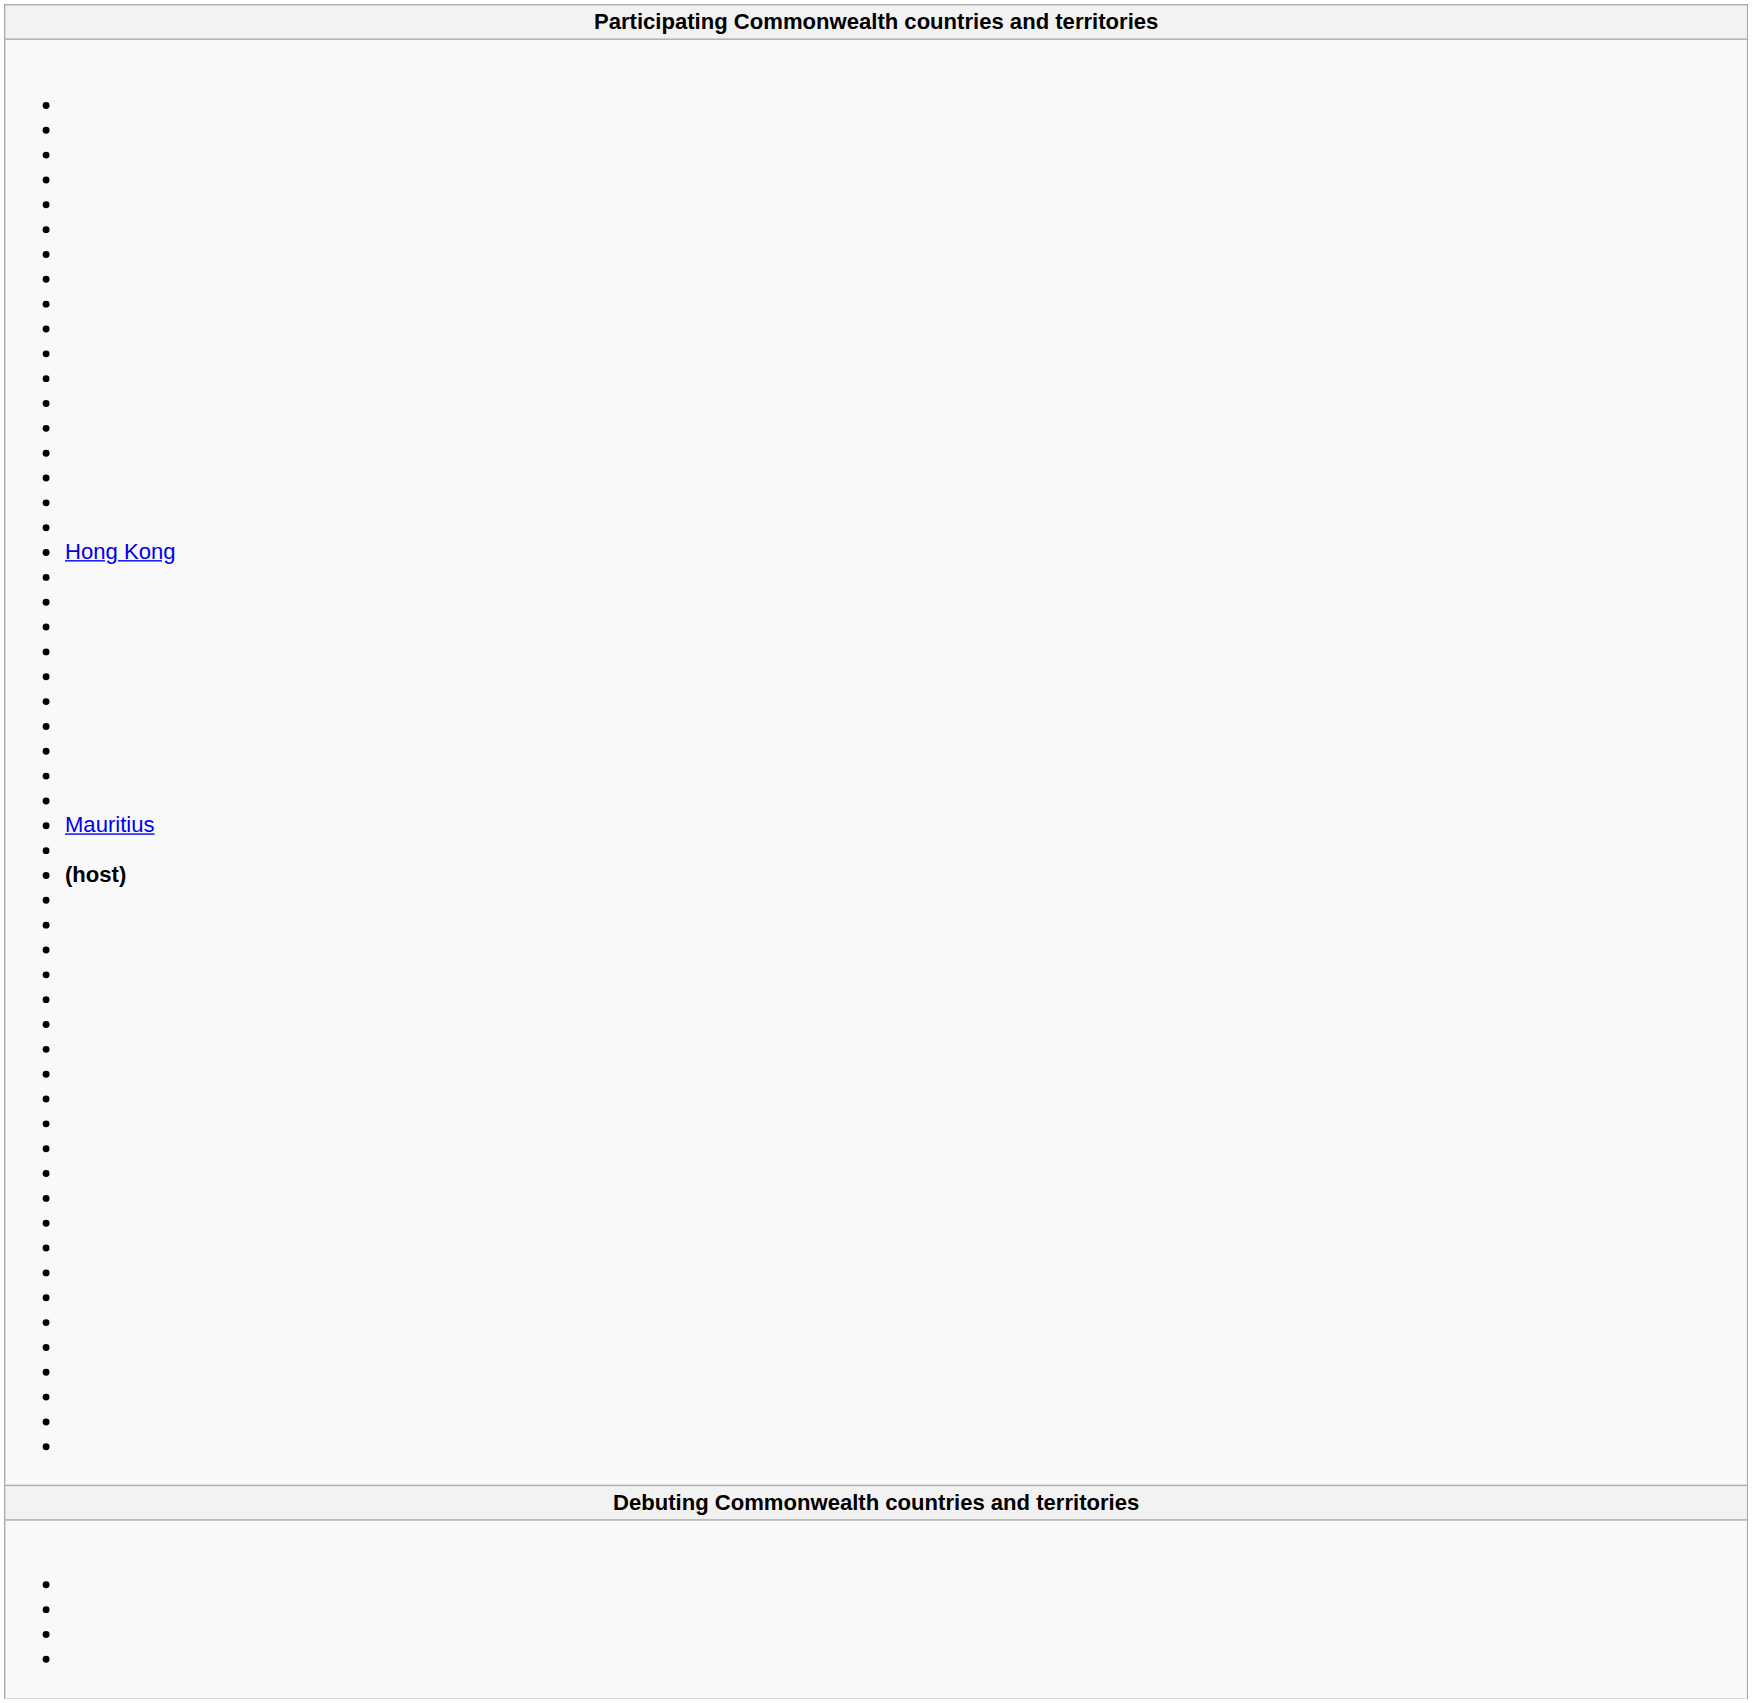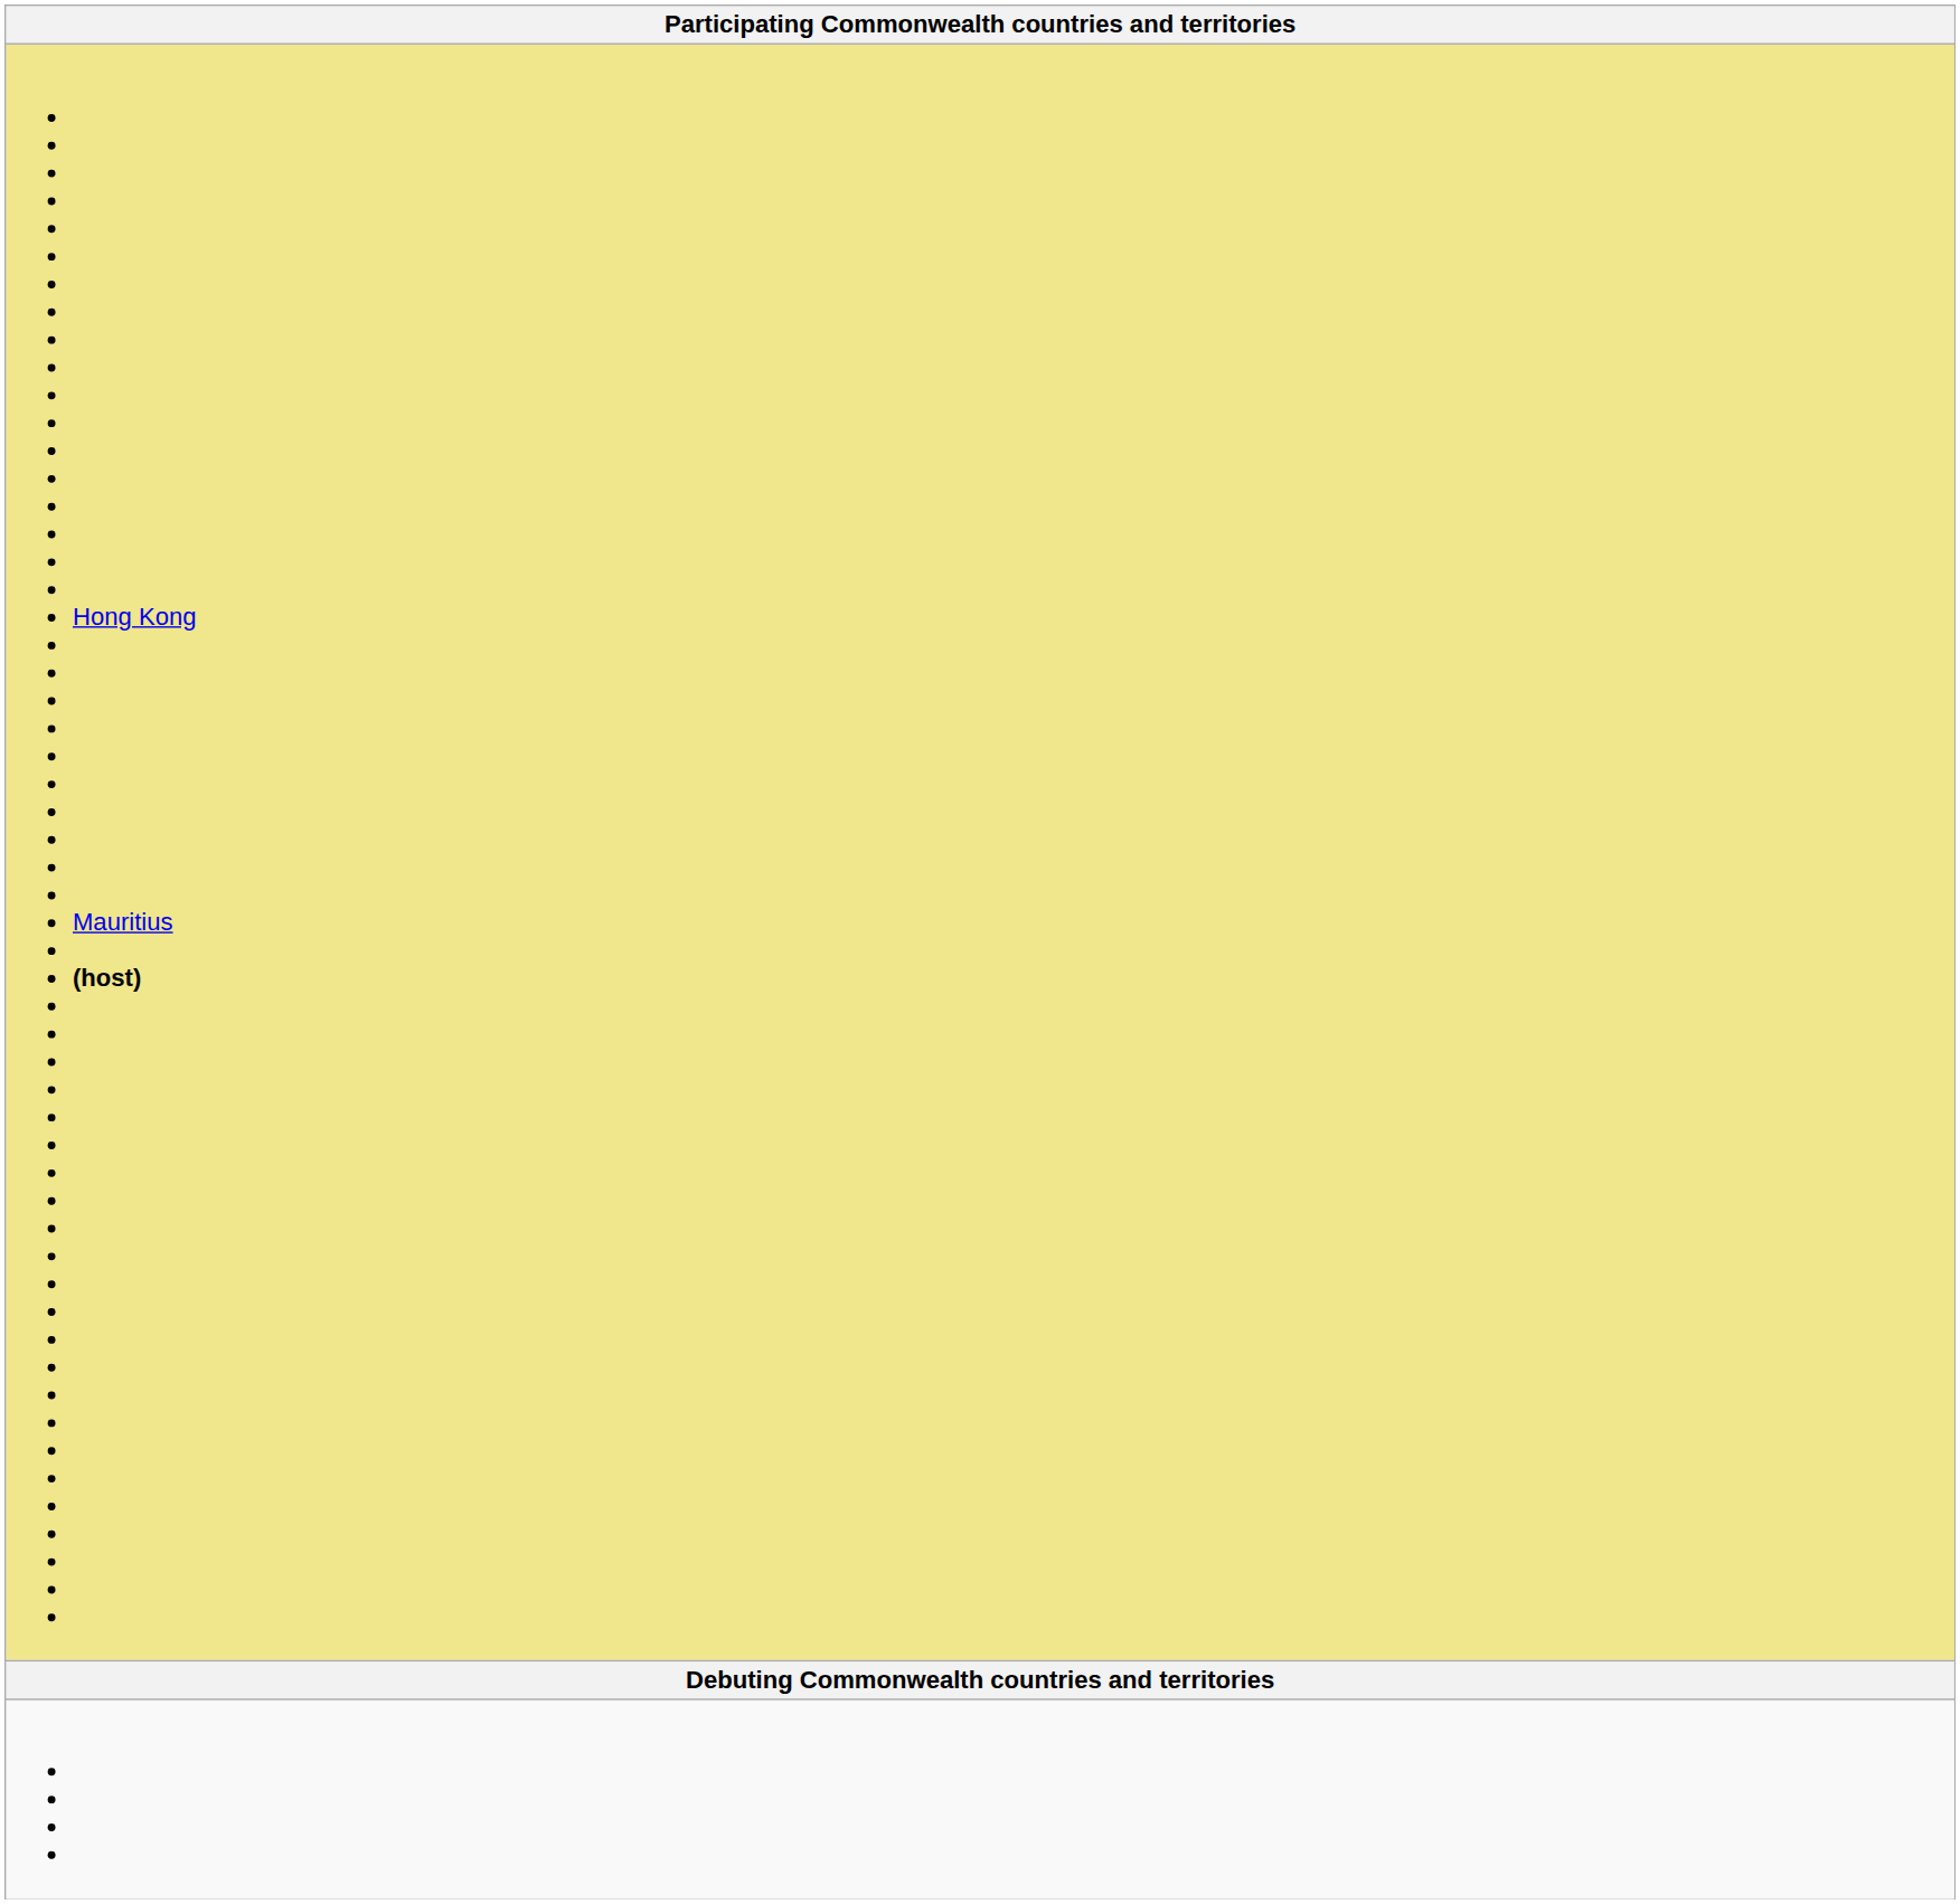 <table class="wikitable collapsible" style="width:100%;">
 <tr>
 <th>Participating Commonwealth countries and territories</th>
 </tr>
 <tr>
-<td><br><ul><li></li><li></li><li></li><li></li><li></li><li></li><li></li><li></li><li></li><li></li><li></li><li></li><li></li><li></li><li></li><li></li><li></li><li></li><li> <a href='#'>Hong Kong</a></li><li></li><li></li><li></li><li></li><li></li><li></li><li></li><li></li><li></li><li></li><li> <a href='#'>Mauritius</a></li><li></li><li> <strong>(host)</strong></li><li></li><li></li><li></li><li></li><li></li><li></li><li></li><li></li><li></li><li></li><li></li><li></li><li></li><li></li><li></li><li></li><li></li><li></li><li></li><li></li><li></li><li></li><li></li></ul></td>
+<td style="background: khaki;"><br><ul><li></li><li></li><li></li><li></li><li></li><li></li><li></li><li></li><li></li><li></li><li></li><li></li><li></li><li></li><li></li><li></li><li></li><li></li><li> <a href='#'>Hong Kong</a></li><li></li><li></li><li></li><li></li><li></li><li></li><li></li><li></li><li></li><li></li><li> <a href='#'>Mauritius</a></li><li></li><li> <strong>(host)</strong></li><li></li><li></li><li></li><li></li><li></li><li></li><li></li><li></li><li></li><li></li><li></li><li></li><li></li><li></li><li></li><li></li><li></li><li></li><li></li><li></li><li></li><li></li><li></li></ul></td>
 </tr>
 <tr>
 <th>Debuting Commonwealth countries and territories</th>
 </tr>
 <tr>
 <td valign="top"><br><ul><li></li><li></li><li></li><li></li></ul></td>
 </tr>
 </table>
